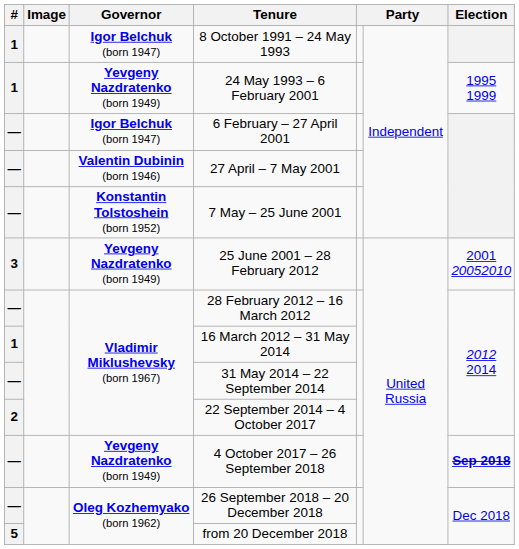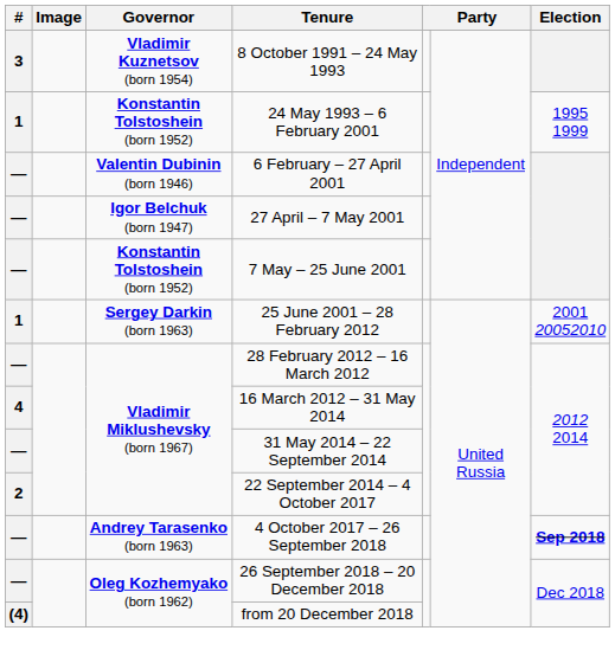 <table class="wikitable" style="text-align:center">
 <tr style="background:#cccccc" bgcolor=#E6E6AA>
 <th>#</th>
 <th>Image</th>
 <th>Governor</th>
 <th>Tenure</th>
 <th colspan="2">Party</th>
 <th>Election</th>
 </tr>
 <tr>
-<th>1</th>
+<th>3</th>
 <td></td>
-<td><strong><a href='#'>Igor Belchuk</a></strong><br><small>(born 1947)</small></td>
+<td><strong><a href='#'>Vladimir Kuznetsov</a></strong><br><small>(born 1954)</small></td>
 <td>8 October 1991 – 24 May 1993</td>
 <td style="background: "></td>
 <td rowspan=5><a href='#'>Independent</a></td>
 <th></th>
 </tr>
 <tr>
 <th>1</th>
 <td></td>
-<td><strong><a href='#'>Yevgeny Nazdratenko</a></strong><br><small>(born 1949)</small></td>
+<td><strong><a href='#'>Konstantin Tolstoshein</a></strong><br><small>(born 1952)</small></td>
 <td>24 May 1993 – 6 February 2001</td>
 <td style="background: "></td>
 <td><a href='#'>1995</a><br><a href='#'>1999</a></td>
 </tr>
 <tr>
 <th>—</th>
 <td></td>
-<td><strong><a href='#'>Igor Belchuk</a></strong><br><small>(born 1947)</small></td>
+<td><strong><a href='#'>Valentin Dubinin</a></strong><br><small>(born 1946)</small></td>
 <td>6 February – 27 April 2001</td>
 <td style="background: "></td>
 <th rowspan=3></th>
 </tr>
 <tr>
 <th>—</th>
 <td></td>
-<td><strong><a href='#'>Valentin Dubinin</a></strong><br><small>(born 1946)</small></td>
+<td><strong><a href='#'>Igor Belchuk</a></strong><br><small>(born 1947)</small></td>
 <td>27 April – 7 May 2001</td>
 <td style="background: "></td>
 </tr>
 <tr>
 <th>—</th>
 <td></td>
 <td><strong><a href='#'>Konstantin Tolstoshein</a></strong><br><small>(born 1952)</small></td>
 <td>7 May – 25 June 2001</td>
 <td style="background: "></td>
 </tr>
 <tr>
-<th>3</th>
+<th>1</th>
 <td></td>
-<td><strong><a href='#'>Yevgeny Nazdratenko</a></strong><br><small>(born 1949)</small></td>
+<td><strong><a href='#'>Sergey Darkin</a></strong><br><small>(born 1963)</small></td>
 <td>25 June 2001 – 28 February 2012</td>
 <td style="background: "></td>
 <td rowspan=8><a href='#'>United Russia</a></td>
 <td><a href='#'>2001</a><br><em><a href='#'>2005</a></em><em><a href='#'>2010</a></em></td>
 </tr>
 <tr>
 <th>—</th>
 <td rowspan=4></td>
 <td rowspan=4><strong><a href='#'>Vladimir Miklushevsky</a></strong><br><small>(born 1967)</small></td>
 <td>28 February 2012 – 16 March 2012</td>
 <td rowspan=4; style="background: "></td>
 <td rowspan=4><em><a href='#'>2012</a></em><br><a href='#'>2014</a></td>
 </tr>
 <tr>
-<th>1</th>
+<th>4</th>
 <td>16 March 2012 – 31 May 2014</td>
 </tr>
 <tr>
 <th>—</th>
 <td>31 May 2014 – 22 September 2014</td>
 </tr>
 <tr>
 <th>2</th>
 <td>22 September 2014 – 4 October 2017</td>
 </tr>
 <tr>
 <th>—</th>
 <td></td>
-<td><strong><a href='#'>Yevgeny Nazdratenko</a></strong><br><small>(born 1949)</small></td>
+<td><strong><a href='#'>Andrey Tarasenko</a></strong><br><small>(born 1963)</small></td>
 <td>4 October 2017 – 26 September 2018</td>
 <td style="background: "></td>
 <td><strong><s><a href='#'>Sep 2018</a></s></strong></td>
 </tr>
 <tr>
 <th>—</th>
 <td rowspan=2></td>
 <td rowspan=2><strong><a href='#'>Oleg Kozhemyako</a></strong><br><small>(born 1962)</small></td>
 <td>26 September 2018 – 20 December 2018</td>
 <td rowspan=2; style="background: "></td>
 <td rowspan=2><a href='#'>Dec 2018</a></td>
 </tr>
 <tr>
-<th>5</th>
+<th>(4)</th>
 <td>from 20 December 2018</td>
 </tr>
 </table>
